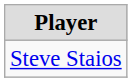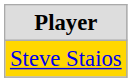 <table class="wikitable">
 <tr style="text-align:center; background:#ddd;">
 <td><strong>Player</strong></td>
 </tr>
 <tr>
-<td><a href='#'>Steve Staios</a></td>
+<td style="background: gold;"><a href='#'>Steve Staios</a></td>
 </tr>
 </table>
